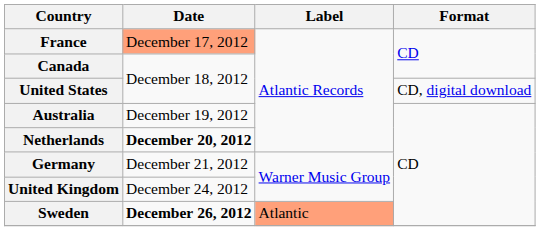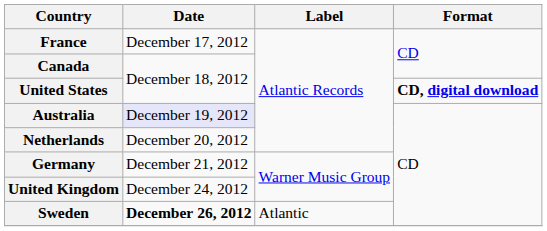 <table class="wikitable plainrowheaders">
 <tr>
 <th scope="col">Country</th>
 <th scope="col">Date</th>
 <th scope="col">Label</th>
 <th scope="col">Format</th>
 </tr>
 <tr>
 <th scope="row">France</th>
-<td style="background: lightsalmon;">December 17, 2012</td>
+<td>December 17, 2012</td>
 <td rowspan="5"><a href='#'>Atlantic Records</a></td>
 <td rowspan="2"><a href='#'>CD</a></td>
 </tr>
 <tr>
 <th scope="row">Canada</th>
 <td rowspan="2">December 18, 2012</td>
 </tr>
 <tr>
 <th scope="row">United States</th>
-<td>CD, <a href='#'>digital download</a></td>
+<td><strong>CD, <a href='#'>digital download</a></strong></td>
 </tr>
 <tr>
 <th scope="row">Australia</th>
-<td>December 19, 2012</td>
+<td style="background: lavender;">December 19, 2012</td>
 <td rowspan="5">CD</td>
 </tr>
 <tr>
 <th scope="row">Netherlands</th>
-<td><strong>December 20, 2012</strong></td>
+<td>December 20, 2012</td>
 </tr>
 <tr>
 <th scope="row">Germany</th>
 <td>December 21, 2012</td>
 <td rowspan="2"><a href='#'>Warner Music Group</a></td>
 </tr>
 <tr>
 <th scope="row">United Kingdom</th>
 <td>December 24, 2012</td>
 </tr>
 <tr>
 <th scope="row">Sweden</th>
 <td><strong>December 26, 2012</strong></td>
-<td style="background: lightsalmon;">Atlantic</td>
+<td>Atlantic</td>
 </tr>
 <tr>
 </tr>
 </table>
